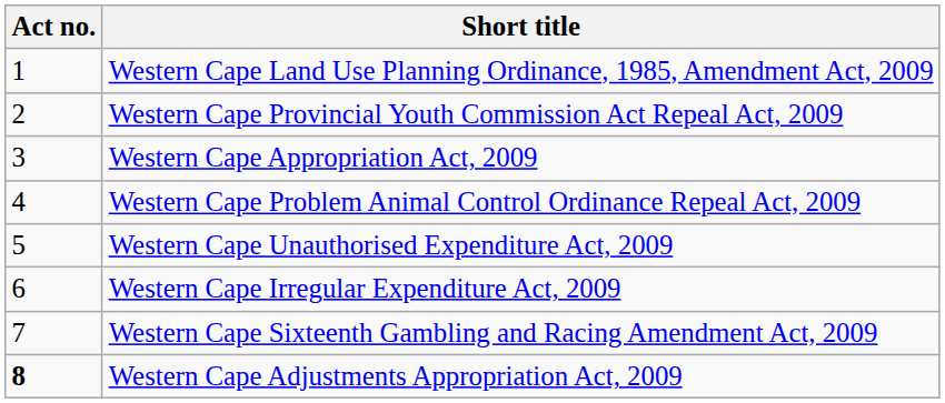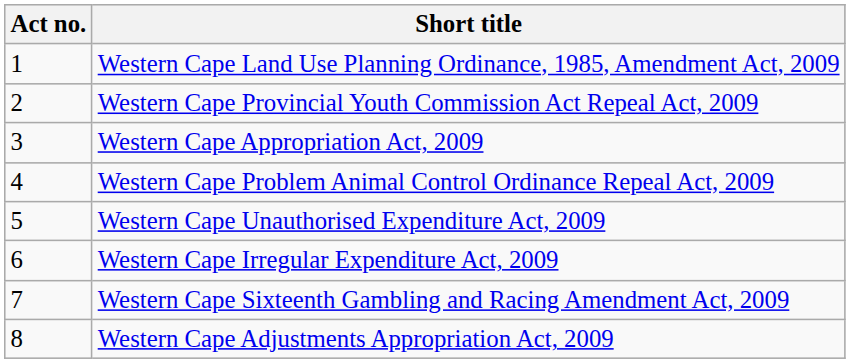 <table class="wikitable">
 <tr>
 <th>Act no.</th>
 <th>Short title</th>
 </tr>
 <tr>
 <td>1</td>
 <td><a href='#'>Western Cape Land Use Planning Ordinance, 1985, Amendment Act, 2009</a></td>
 </tr>
 <tr>
 <td>2</td>
 <td><a href='#'>Western Cape Provincial Youth Commission Act Repeal Act, 2009</a></td>
 </tr>
 <tr>
 <td>3</td>
 <td><a href='#'>Western Cape Appropriation Act, 2009</a></td>
 </tr>
 <tr>
 <td>4</td>
 <td><a href='#'>Western Cape Problem Animal Control Ordinance Repeal Act, 2009</a></td>
 </tr>
 <tr>
 <td>5</td>
 <td><a href='#'>Western Cape Unauthorised Expenditure Act, 2009</a></td>
 </tr>
 <tr>
 <td>6</td>
 <td><a href='#'>Western Cape Irregular Expenditure Act, 2009</a></td>
 </tr>
 <tr>
 <td>7</td>
 <td><a href='#'>Western Cape Sixteenth Gambling and Racing Amendment Act, 2009</a></td>
 </tr>
 <tr>
-<td><strong>8</strong></td>
+<td>8</td>
 <td><a href='#'>Western Cape Adjustments Appropriation Act, 2009</a></td>
 </tr>
 </table>
